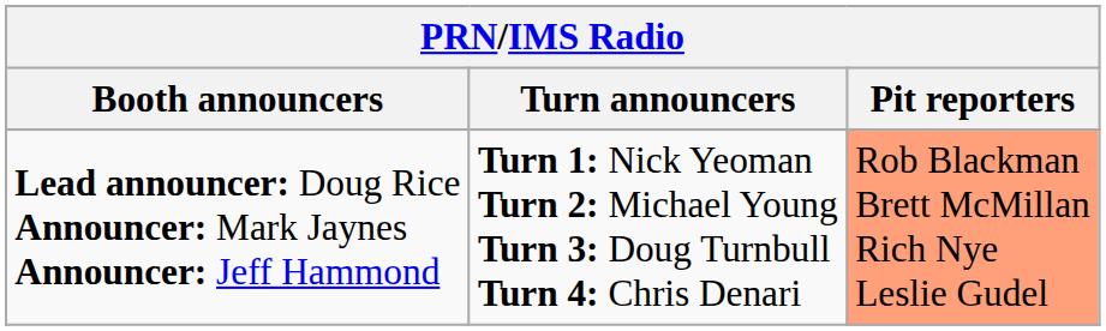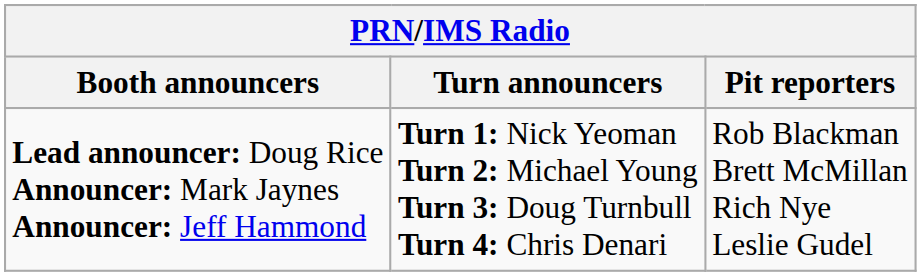 <table class="wikitable" style="font-size: 95%">
 <tr>
 <th colspan="3"><a href='#'>PRN</a>/<a href='#'>IMS Radio</a></th>
 </tr>
 <tr>
 <th>Booth announcers</th>
 <th>Turn announcers</th>
 <th>Pit reporters</th>
 </tr>
 <tr>
 <td><strong>Lead announcer:</strong> Doug Rice<br><strong>Announcer:</strong> Mark Jaynes<br><strong>Announcer:</strong> <a href='#'>Jeff Hammond</a></td>
 <td><strong>Turn 1:</strong> Nick Yeoman <br><strong>Turn 2:</strong> Michael Young <br><strong>Turn 3:</strong> Doug Turnbull<br><strong>Turn 4:</strong> Chris Denari</td>
-<td style="background: lightsalmon;">Rob Blackman<br>Brett McMillan<br>Rich Nye<br>Leslie Gudel</td>
+<td>Rob Blackman<br>Brett McMillan<br>Rich Nye<br>Leslie Gudel</td>
 </tr>
 </table>
